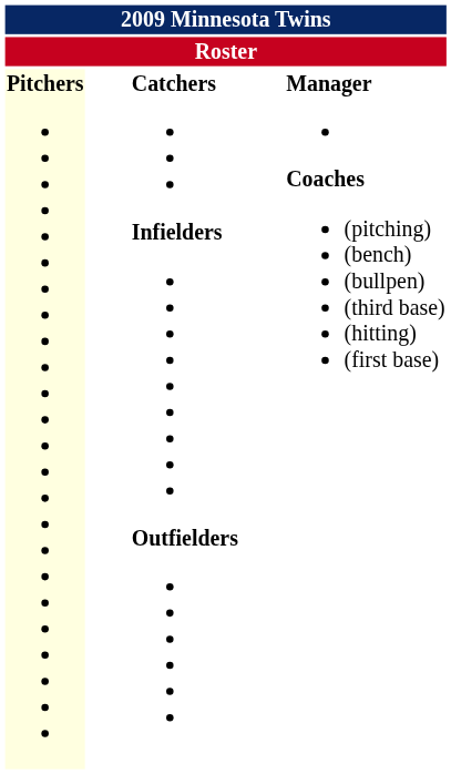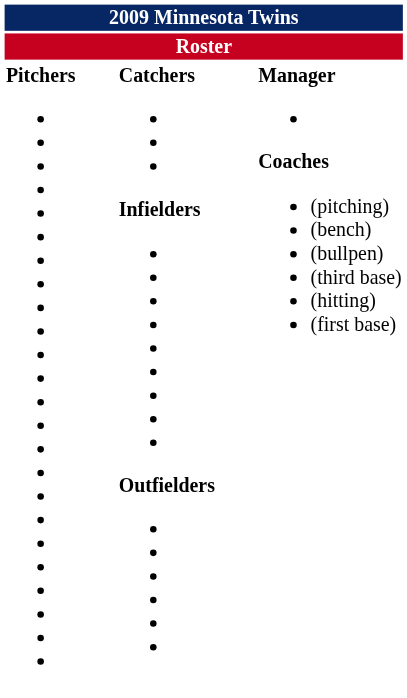 <table class="toccolours" style="font-size: 95%;">
 <tr>
 <th colspan="10" style="background-color: #072764; color: #FFFFFF; text-align: center;">2009 Minnesota Twins</th>
 </tr>
 <tr>
 <td colspan="10" style="background-color: #c6011f; color: white; text-align: center;"><strong>Roster</strong></td>
 </tr>
 <tr>
-<td valign="top" style="background: lightyellow;"><strong>Pitchers</strong><br><ul><li></li><li></li><li></li><li></li><li></li><li></li><li></li><li></li><li></li><li></li><li></li><li></li><li></li><li></li><li></li><li></li><li></li><li></li><li></li><li></li><li></li><li></li><li></li><li></li></ul></td>
+<td valign="top"><strong>Pitchers</strong><br><ul><li></li><li></li><li></li><li></li><li></li><li></li><li></li><li></li><li></li><li></li><li></li><li></li><li></li><li></li><li></li><li></li><li></li><li></li><li></li><li></li><li></li><li></li><li></li><li></li></ul></td>
 <td width="25px"></td>
 <td valign="top"><strong>Catchers</strong><br><ul><li></li><li></li><li></li></ul><strong>Infielders</strong><ul><li></li><li></li><li></li><li></li><li></li><li></li><li></li><li></li><li></li></ul><strong>Outfielders</strong><ul><li></li><li></li><li></li><li></li><li></li><li></li></ul></td>
 <td width="25px"></td>
 <td valign="top"><strong>Manager</strong><br><ul><li></li></ul><strong>Coaches</strong><ul><li> (pitching)</li><li> (bench)</li><li> (bullpen)</li><li> (third base)</li><li> (hitting)</li><li> (first base)</li></ul></td>
 </tr>
 <tr>
 </tr>
 </table>
